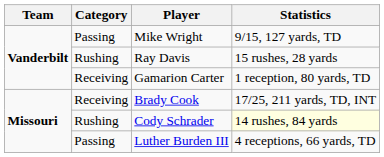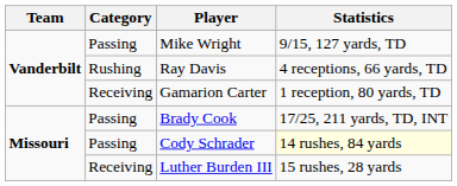 <table class="wikitable" style="float: left;">
 <tr>
 <th>Team</th>
 <th>Category</th>
 <th>Player</th>
 <th>Statistics</th>
 </tr>
 <tr>
 <td rowspan=3><strong>Vanderbilt</strong></td>
 <td>Passing</td>
 <td>Mike Wright</td>
 <td>9/15, 127 yards, TD</td>
 </tr>
 <tr>
 <td>Rushing</td>
 <td>Ray Davis</td>
-<td>15 rushes, 28 yards</td>
+<td>4 receptions, 66 yards, TD</td>
 </tr>
 <tr>
 <td>Receiving</td>
 <td>Gamarion Carter</td>
 <td>1 reception, 80 yards, TD</td>
 </tr>
 <tr>
 <td rowspan=3><strong>Missouri</strong></td>
-<td>Receiving</td>
+<td>Passing</td>
 <td><a href='#'>Brady Cook</a></td>
 <td>17/25, 211 yards, TD, INT</td>
 </tr>
 <tr>
-<td>Rushing</td>
+<td>Passing</td>
 <td><a href='#'>Cody Schrader</a></td>
 <td style="background: lightyellow;">14 rushes, 84 yards</td>
 </tr>
 <tr>
-<td>Passing</td>
+<td>Receiving</td>
 <td><a href='#'>Luther Burden III</a></td>
-<td>4 receptions, 66 yards, TD</td>
+<td>15 rushes, 28 yards</td>
 </tr>
 </table>
